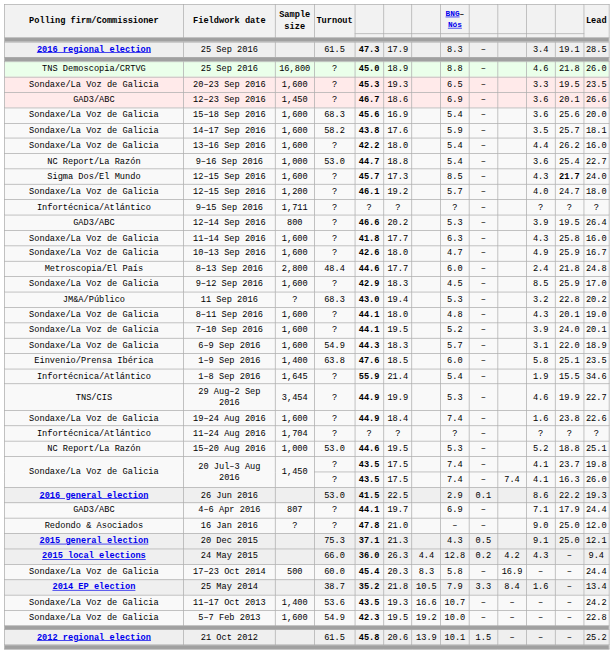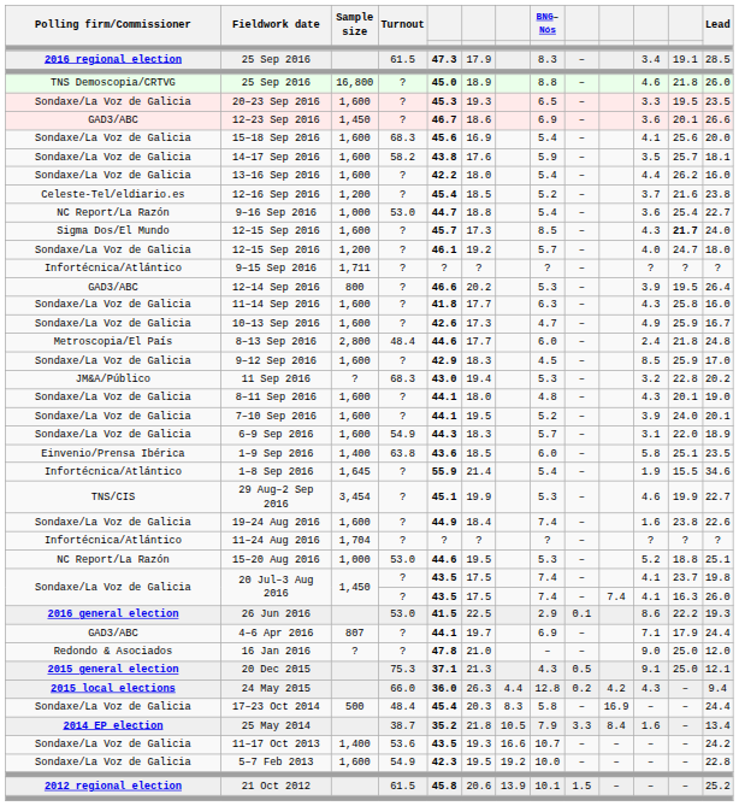 <table class="wikitable collapsible collapsed" style="text-align:center; font-size:95%; line-height:16px;">
 <tr style="height:42px;">
 <th style="width:250px;" rowspan="2">Polling firm/Commissioner</th>
 <th style="width:125px;" rowspan="2">Fieldwork date</th>
 <th style="width:50px;" rowspan="2">Sample size</th>
 <th style="width:45px;" rowspan="2">Turnout</th>
 <th style="width:35px;"></th>
 <th style="width:35px;"></th>
 <th style="width:35px;"></th>
 <th style="width:35px; font-size:90%;"><a href='#'>BNG</a>–<br><a href='#'>Nós</a></th>
 <th style="width:35px;"></th>
 <th style="width:35px;"></th>
 <th style="width:35px;"></th>
 <th style="width:35px;"></th>
 <th style="width:30px;" rowspan="2">Lead</th>
 </tr>
 <tr>
 <th style="color:inherit;background:"></th>
 <th style="color:inherit;background:"></th>
 <th style="color:inherit;background:"></th>
 <th style="color:inherit;background:"></th>
 <th style="color:inherit;background:"></th>
 <th style="color:inherit;background:"></th>
 <th style="color:inherit;background:"></th>
 <th style="color:inherit;background:"></th>
 </tr>
 <tr>
 <td colspan="13" style="background:#A0A0A0"></td>
 </tr>
 <tr style="background:#EFEFEF;">
 <td><strong><a href='#'>2016 regional election</a></strong></td>
 <td>25 Sep 2016</td>
 <td></td>
 <td>61.5</td>
 <td><strong>47.3</strong><br></td>
 <td>17.9<br></td>
 <td></td>
 <td>8.3<br></td>
 <td>–</td>
 <td></td>
 <td>3.4<br></td>
 <td>19.1<br></td>
 <td style="background:">28.5</td>
 </tr>
 <tr>
 <td colspan="13" style="background:#A0A0A0"></td>
 </tr>
 <tr style="background:#EAFFEA;">
 <td>TNS Demoscopia/CRTVG</td>
 <td>25 Sep 2016</td>
 <td>16,800</td>
 <td>?</td>
 <td><strong>45.0</strong><br></td>
 <td>18.9<br></td>
 <td></td>
 <td>8.8<br></td>
 <td>–</td>
 <td></td>
 <td>4.6<br></td>
 <td>21.8<br></td>
 <td style="background:">26.0</td>
 </tr>
 <tr style="background:#FFEAEA;">
 <td>Sondaxe/La Voz de Galicia</td>
 <td>20–23 Sep 2016</td>
 <td>1,600</td>
 <td>?</td>
 <td><strong>45.3</strong><br></td>
 <td>19.3<br></td>
 <td></td>
 <td>6.5<br></td>
 <td>–</td>
 <td></td>
 <td>3.3<br></td>
 <td>19.5<br></td>
 <td style="background:">23.5</td>
 </tr>
 <tr style="background:#FFEAEA;">
 <td>GAD3/ABC</td>
 <td>12–23 Sep 2016</td>
 <td>1,450</td>
 <td>?</td>
 <td><strong>46.7</strong><br></td>
 <td>18.6<br></td>
 <td></td>
 <td>6.9<br></td>
 <td>–</td>
 <td></td>
 <td>3.6<br></td>
 <td>20.1<br></td>
 <td style="background:">26.6</td>
 </tr>
 <tr>
 <td>Sondaxe/La Voz de Galicia</td>
 <td>15–18 Sep 2016</td>
 <td>1,600</td>
 <td>68.3</td>
 <td><strong>45.6</strong><br></td>
 <td>16.9<br></td>
 <td></td>
 <td>5.4<br></td>
 <td>–</td>
 <td></td>
-<td>3.6<br></td>
+<td>4.1<br></td>
 <td>25.6<br></td>
 <td style="background:">20.0</td>
 </tr>
 <tr>
 <td>Sondaxe/La Voz de Galicia</td>
 <td>14–17 Sep 2016</td>
 <td>1,600</td>
 <td>58.2</td>
 <td><strong>43.8</strong><br></td>
 <td>17.6<br></td>
 <td></td>
 <td>5.9<br></td>
 <td>–</td>
 <td></td>
 <td>3.5<br></td>
 <td>25.7<br></td>
 <td style="background:">18.1</td>
 </tr>
 <tr>
 <td>Sondaxe/La Voz de Galicia</td>
 <td>13–16 Sep 2016</td>
 <td>1,600</td>
 <td>?</td>
 <td><strong>42.2</strong><br></td>
 <td>18.0<br></td>
 <td></td>
 <td>5.4<br></td>
 <td>–</td>
 <td></td>
 <td>4.4<br></td>
 <td>26.2<br></td>
 <td style="background:">16.0</td>
+</tr>
+<tr>
+<td>Celeste-Tel/eldiario.es</td>
+<td>12–16 Sep 2016</td>
+<td>1,200</td>
+<td>?</td>
+<td><strong>45.4</strong><br></td>
+<td>18.5<br></td>
+<td></td>
+<td>5.2<br></td>
+<td>–</td>
+<td></td>
+<td>3.7<br></td>
+<td>21.6<br></td>
+<td style="background:">23.8</td>
 </tr>
 <tr>
 <td>NC Report/La Razón</td>
 <td>9–16 Sep 2016</td>
 <td>1,000</td>
 <td>53.0</td>
 <td><strong>44.7</strong><br></td>
 <td>18.8<br></td>
 <td></td>
 <td>5.4<br></td>
 <td>–</td>
 <td></td>
 <td>3.6<br></td>
 <td>25.4<br></td>
 <td style="background:">22.7</td>
 </tr>
 <tr>
 <td>Sigma Dos/El Mundo</td>
 <td>12–15 Sep 2016</td>
 <td>1,600</td>
 <td>?</td>
 <td><strong>45.7</strong><br></td>
 <td>17.3<br></td>
 <td></td>
 <td>8.5<br></td>
 <td>–</td>
 <td></td>
 <td>4.3<br></td>
 <td><strong>21.7<br></strong></td>
 <td style="background:">24.0</td>
 </tr>
 <tr>
 <td>Sondaxe/La Voz de Galicia</td>
 <td>12–15 Sep 2016</td>
 <td>1,200</td>
 <td>?</td>
 <td><strong>46.1</strong><br></td>
 <td>19.2<br></td>
 <td></td>
 <td>5.7<br></td>
 <td>–</td>
 <td></td>
 <td>4.0<br></td>
 <td>24.7<br></td>
 <td style="background:">18.0</td>
 </tr>
 <tr>
 <td>Infortécnica/Atlántico</td>
 <td>9–15 Sep 2016</td>
 <td>1,711</td>
 <td>?</td>
 <td>?<br></td>
 <td>?<br></td>
 <td></td>
 <td>?<br></td>
 <td>–</td>
 <td></td>
 <td>?<br></td>
 <td>?<br></td>
 <td style="background:">?</td>
 </tr>
 <tr>
 <td>GAD3/ABC</td>
 <td>12–14 Sep 2016</td>
 <td>800</td>
 <td>?</td>
 <td><strong>46.6</strong><br></td>
 <td>20.2<br></td>
 <td></td>
 <td>5.3<br></td>
 <td>–</td>
 <td></td>
 <td>3.9<br></td>
 <td>19.5<br></td>
 <td style="background:">26.4</td>
 </tr>
 <tr>
 <td>Sondaxe/La Voz de Galicia</td>
 <td>11–14 Sep 2016</td>
 <td>1,600</td>
 <td>?</td>
 <td><strong>41.8</strong><br></td>
 <td>17.7<br></td>
 <td></td>
 <td>6.3<br></td>
 <td>–</td>
 <td></td>
 <td>4.3<br></td>
 <td>25.8<br></td>
 <td style="background:">16.0</td>
 </tr>
 <tr>
 <td>Sondaxe/La Voz de Galicia</td>
 <td>10–13 Sep 2016</td>
 <td>1,600</td>
 <td>?</td>
 <td><strong>42.6</strong><br></td>
-<td>18.0<br></td>
+<td>17.3<br></td>
 <td></td>
 <td>4.7<br></td>
 <td>–</td>
 <td></td>
 <td>4.9<br></td>
 <td>25.9<br></td>
 <td style="background:">16.7</td>
 </tr>
 <tr>
 <td>Metroscopia/El País</td>
 <td>8–13 Sep 2016</td>
 <td>2,800</td>
 <td>48.4</td>
 <td><strong>44.6</strong><br></td>
 <td>17.7<br></td>
 <td></td>
 <td>6.0<br></td>
 <td>–</td>
 <td></td>
 <td>2.4<br></td>
 <td>21.8<br></td>
 <td style="background:">24.8</td>
 </tr>
 <tr>
 <td>Sondaxe/La Voz de Galicia</td>
 <td>9–12 Sep 2016</td>
 <td>1,600</td>
 <td>?</td>
 <td><strong>42.9</strong><br></td>
 <td>18.3<br></td>
 <td></td>
 <td>4.5<br></td>
 <td>–</td>
 <td></td>
 <td>8.5<br></td>
 <td>25.9<br></td>
 <td style="background:">17.0</td>
 </tr>
 <tr>
 <td>JM&A/Público</td>
 <td>11 Sep 2016</td>
 <td>?</td>
 <td>68.3</td>
 <td><strong>43.0</strong><br></td>
 <td>19.4<br></td>
 <td></td>
 <td>5.3<br></td>
 <td>–</td>
 <td></td>
 <td>3.2<br></td>
 <td>22.8<br></td>
 <td style="background:">20.2</td>
 </tr>
 <tr>
 <td>Sondaxe/La Voz de Galicia</td>
 <td>8–11 Sep 2016</td>
 <td>1,600</td>
 <td>?</td>
 <td><strong>44.1</strong><br></td>
 <td>18.0<br></td>
 <td></td>
 <td>4.8<br></td>
 <td>–</td>
 <td></td>
 <td>4.3<br></td>
 <td>20.1<br></td>
 <td style="background:">19.0</td>
 </tr>
 <tr>
 <td>Sondaxe/La Voz de Galicia</td>
 <td>7–10 Sep 2016</td>
 <td>1,600</td>
 <td>?</td>
 <td><strong>44.1</strong><br></td>
 <td>19.5<br></td>
 <td></td>
 <td>5.2<br></td>
 <td>–</td>
 <td></td>
 <td>3.9<br></td>
 <td>24.0<br></td>
 <td style="background:">20.1</td>
 </tr>
 <tr>
 <td>Sondaxe/La Voz de Galicia</td>
 <td>6–9 Sep 2016</td>
 <td>1,600</td>
 <td>54.9</td>
 <td><strong>44.3</strong><br></td>
 <td>18.3<br></td>
 <td></td>
 <td>5.7<br></td>
 <td>–</td>
 <td></td>
 <td>3.1<br></td>
 <td>22.0<br></td>
 <td style="background:">18.9</td>
 </tr>
 <tr>
 <td>Einvenio/Prensa Ibérica</td>
 <td>1–9 Sep 2016</td>
 <td>1,400</td>
 <td>63.8</td>
-<td><strong>47.6</strong><br></td>
+<td><strong>43.6</strong><br></td>
 <td>18.5<br></td>
 <td></td>
 <td>6.0<br></td>
 <td>–</td>
 <td></td>
 <td>5.8<br></td>
 <td>25.1<br></td>
 <td style="background:">23.5</td>
 </tr>
 <tr>
 <td>Infortécnica/Atlántico</td>
 <td>1–8 Sep 2016</td>
 <td>1,645</td>
 <td>?</td>
 <td><strong>55.9</strong><br></td>
 <td>21.4<br></td>
 <td></td>
 <td>5.4<br></td>
 <td>–</td>
 <td></td>
 <td>1.9<br></td>
 <td>15.5<br></td>
 <td style="background:">34.6</td>
 </tr>
 <tr>
 <td>TNS/CIS</td>
 <td>29 Aug–2 Sep 2016</td>
 <td>3,454</td>
 <td>?</td>
-<td><strong>44.9</strong><br></td>
+<td><strong>45.1</strong><br></td>
 <td>19.9<br></td>
 <td></td>
 <td>5.3<br></td>
 <td>–</td>
 <td></td>
 <td>4.6<br></td>
 <td>19.9<br></td>
 <td style="background:">22.7</td>
 </tr>
 <tr>
 <td>Sondaxe/La Voz de Galicia</td>
 <td>19–24 Aug 2016</td>
 <td>1,600</td>
 <td>?</td>
 <td><strong>44.9</strong><br></td>
 <td>18.4<br></td>
 <td></td>
 <td>7.4<br></td>
 <td>–</td>
 <td></td>
 <td>1.6<br></td>
 <td>23.8<br></td>
 <td style="background:">22.6</td>
 </tr>
 <tr>
 <td>Infortécnica/Atlántico</td>
 <td>11–24 Aug 2016</td>
 <td>1,704</td>
 <td>?</td>
 <td>?<br></td>
 <td>?<br></td>
 <td></td>
 <td>?<br></td>
 <td>–</td>
 <td></td>
 <td>?<br></td>
 <td>?<br></td>
 <td style="background:">?</td>
 </tr>
 <tr>
 <td>NC Report/La Razón</td>
 <td>15–20 Aug 2016</td>
 <td>1,000</td>
 <td>53.0</td>
 <td><strong>44.6</strong><br></td>
 <td>19.5<br></td>
 <td></td>
 <td>5.3<br></td>
 <td>–</td>
 <td></td>
 <td>5.2<br></td>
 <td>18.8<br></td>
 <td style="background:">25.1</td>
 </tr>
 <tr>
 <td rowspan="2">Sondaxe/La Voz de Galicia</td>
 <td rowspan="2">20 Jul–3 Aug 2016</td>
 <td rowspan="2">1,450</td>
 <td>?</td>
 <td><strong>43.5</strong><br></td>
 <td>17.5<br></td>
 <td></td>
 <td>7.4<br></td>
 <td>–</td>
 <td></td>
 <td>4.1<br></td>
 <td>23.7<br></td>
 <td style="background:">19.8</td>
 </tr>
 <tr>
 <td>?</td>
 <td><strong>43.5</strong><br></td>
 <td>17.5<br></td>
 <td></td>
 <td>7.4<br></td>
 <td>–</td>
 <td>7.4<br></td>
 <td>4.1<br></td>
 <td>16.3<br></td>
 <td style="background:">26.0</td>
 </tr>
 <tr style="background:#EFEFEF;">
 <td><strong><a href='#'>2016 general election</a></strong></td>
 <td>26 Jun 2016</td>
 <td></td>
 <td>53.0</td>
 <td><strong>41.5</strong><br></td>
 <td>22.5<br></td>
 <td></td>
 <td>2.9<br></td>
 <td>0.1<br></td>
 <td></td>
 <td>8.6<br></td>
 <td>22.2<br></td>
 <td style="background:">19.3</td>
 </tr>
 <tr>
 <td>GAD3/ABC</td>
 <td>4–6 Apr 2016</td>
 <td>807</td>
 <td>?</td>
 <td><strong>44.1</strong><br></td>
 <td>19.7<br></td>
 <td></td>
 <td>6.9<br></td>
 <td>–</td>
 <td></td>
 <td>7.1<br></td>
 <td>17.9<br></td>
 <td style="background:">24.4</td>
 </tr>
 <tr>
 <td>Redondo & Asociados</td>
 <td>16 Jan 2016</td>
 <td>?</td>
 <td>?</td>
 <td><strong>47.8</strong><br></td>
 <td>21.0<br></td>
 <td></td>
 <td>–</td>
 <td>–</td>
 <td></td>
 <td>9.0<br></td>
 <td>25.0<br></td>
 <td style="background:">12.0</td>
 </tr>
 <tr style="background:#EFEFEF;">
 <td><strong><a href='#'>2015 general election</a></strong></td>
 <td>20 Dec 2015</td>
 <td></td>
 <td>75.3</td>
 <td><strong>37.1</strong><br></td>
 <td>21.3<br></td>
 <td></td>
 <td>4.3<br></td>
 <td>0.5<br></td>
 <td></td>
 <td>9.1<br></td>
 <td>25.0<br></td>
 <td style="background:">12.1</td>
 </tr>
 <tr style="background:#EFEFEF;">
 <td><strong><a href='#'>2015 local elections</a></strong></td>
 <td>24 May 2015</td>
 <td></td>
 <td>66.0</td>
 <td><strong>36.0</strong></td>
 <td>26.3</td>
 <td>4.4</td>
 <td>12.8</td>
 <td>0.2</td>
 <td>4.2</td>
 <td>4.3</td>
 <td>–</td>
 <td style="background:">9.4</td>
 </tr>
 <tr>
 <td>Sondaxe/La Voz de Galicia</td>
 <td>17–23 Oct 2014</td>
 <td>500</td>
-<td>60.0</td>
+<td>48.4</td>
 <td><strong>45.4</strong></td>
 <td>20.3</td>
 <td>8.3</td>
 <td>5.8</td>
 <td>–</td>
 <td>16.9</td>
 <td>–</td>
 <td>–</td>
 <td style="background:">24.4</td>
 </tr>
 <tr style="background:#EFEFEF;">
 <td><strong><a href='#'>2014 EP election</a></strong></td>
 <td>25 May 2014</td>
 <td></td>
 <td>38.7</td>
 <td><strong>35.2</strong><br></td>
 <td>21.8<br></td>
 <td>10.5<br></td>
 <td>7.9<br></td>
 <td>3.3<br></td>
 <td>8.4<br></td>
 <td>1.6<br></td>
 <td>–</td>
 <td style="background:">13.4</td>
 </tr>
 <tr>
 <td>Sondaxe/La Voz de Galicia</td>
 <td>11–17 Oct 2013</td>
 <td>1,400</td>
 <td>53.6</td>
 <td><strong>43.5</strong><br></td>
 <td>19.3<br></td>
 <td>16.6<br></td>
 <td>10.7<br></td>
 <td>–</td>
 <td>–</td>
 <td>–</td>
 <td>–</td>
 <td style="background:">24.2</td>
 </tr>
 <tr>
 <td>Sondaxe/La Voz de Galicia</td>
 <td>5–7 Feb 2013</td>
 <td>1,600</td>
 <td>54.9</td>
 <td><strong>42.3</strong><br></td>
 <td>19.5<br></td>
 <td>19.2<br></td>
 <td>10.0<br></td>
 <td>–</td>
 <td>–</td>
 <td>–</td>
 <td>–</td>
 <td style="background:">22.8</td>
 </tr>
 <tr>
 <td colspan="13" style="background:#A0A0A0"></td>
 </tr>
 <tr style="background:#EFEFEF;">
 <td><strong><a href='#'>2012 regional election</a></strong></td>
 <td>21 Oct 2012</td>
 <td></td>
 <td>61.5</td>
 <td><strong>45.8</strong><br></td>
 <td>20.6<br></td>
 <td>13.9<br></td>
 <td>10.1<br></td>
 <td>1.5<br></td>
 <td>–</td>
 <td>–</td>
 <td>–</td>
 <td style="background:">25.2</td>
 </tr>
 <tr>
 <td colspan="13" style="background:#A0A0A0"></td>
 </tr>
 </table>
